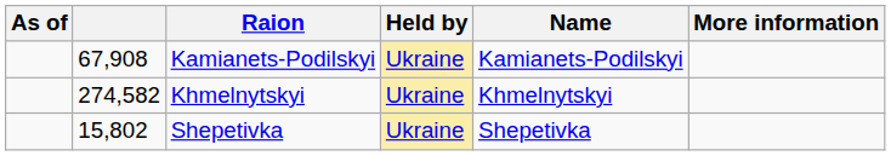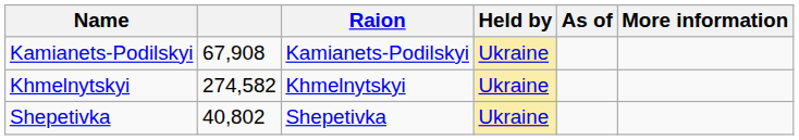 <table class="wikitable sortable">
 <tr>
-<th class=sortable>As of</th>
+<th>Name</th>
 <th></th>
 <th><a href='#'>Raion</a></th>
 <th>Held by</th>
-<th>Name</th>
+<th class=sortable>As of</th>
 <th class=unsortable>More information</th>
 </tr>
 <tr>
-<td align=right></td>
+<td><a href='#'>Kamianets-Podilskyi</a></td>
 <td>67,908</td>
 <td><a href='#'>Kamianets-Podilskyi</a></td>
 <td style=background:#FFD70050><a href='#'>Ukraine</a></td>
-<td><a href='#'>Kamianets-Podilskyi</a></td>
+<td align=right></td>
 <td></td>
 </tr>
 <tr>
-<td align=right></td>
+<td><a href='#'>Khmelnytskyi</a></td>
 <td>274,582</td>
 <td><a href='#'>Khmelnytskyi</a></td>
 <td style=background:#FFD70050><a href='#'>Ukraine</a></td>
-<td><a href='#'>Khmelnytskyi</a></td>
+<td align=right></td>
 <td></td>
 </tr>
 <tr>
-<td align=right></td>
-<td>15,802</td>
+<td><a href='#'>Shepetivka</a></td>
+<td>40,802</td>
 <td><a href='#'>Shepetivka</a></td>
 <td style=background:#FFD70050><a href='#'>Ukraine</a></td>
-<td><a href='#'>Shepetivka</a></td>
+<td align=right></td>
 <td></td>
 </tr>
 </table>
